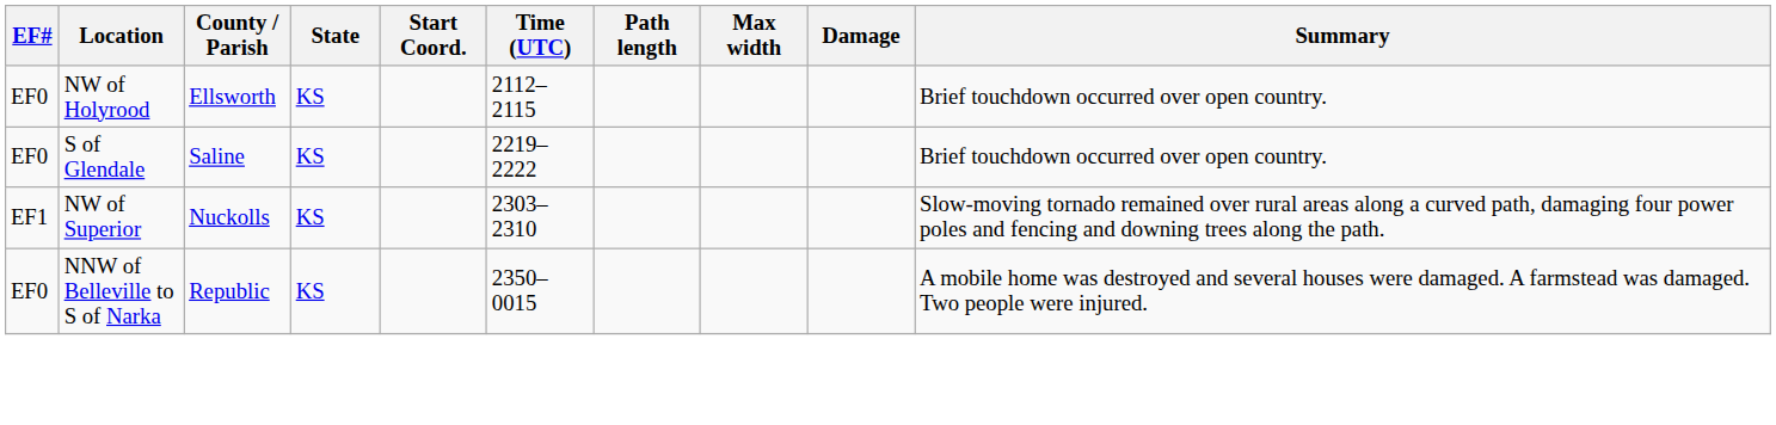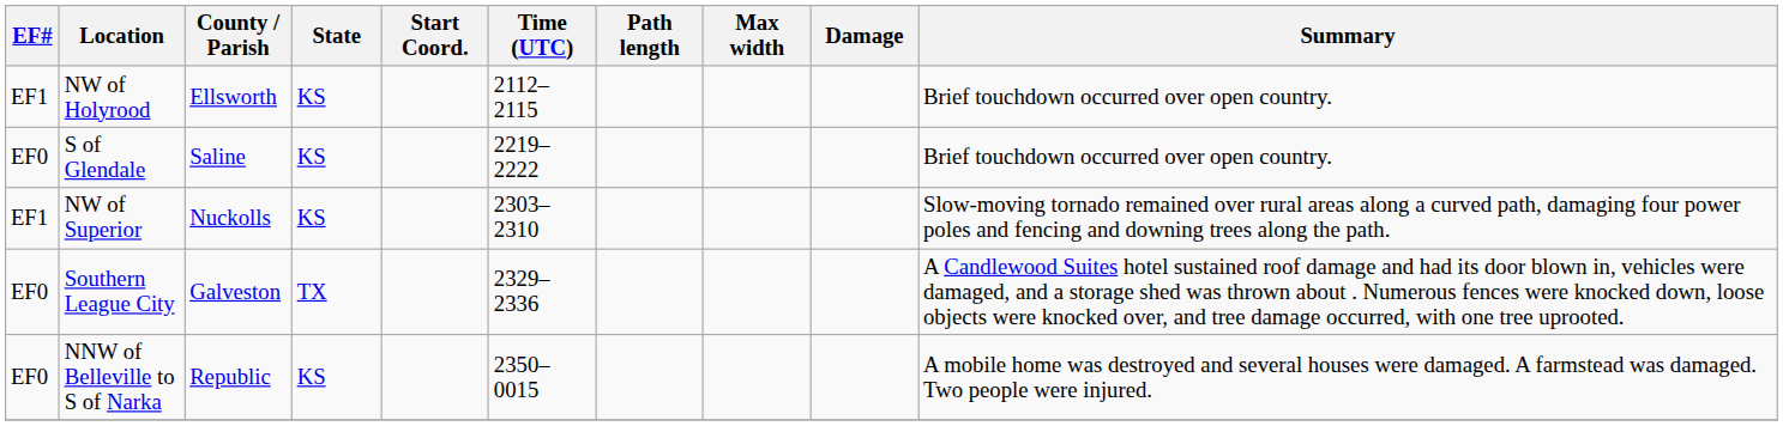 <table class="wikitable sortable" style="width:100%;">
 <tr>
 <th scope="col" width="3%" align="center"><a href='#'>EF#</a></th>
 <th scope="col" width="7%" align="center" class="unsortable">Location</th>
 <th scope="col" width="6%" align="center" class="unsortable">County / Parish</th>
 <th scope="col" width="5%" align="center">State</th>
 <th scope="col" width="6%" align="center">Start Coord.</th>
 <th scope="col" width="6%" align="center">Time (<a href='#'>UTC</a>)</th>
 <th scope="col" width="6%" align="center">Path length</th>
 <th scope="col" width="6%" align="center">Max width</th>
 <th scope="col" width="6%" align="center">Damage</th>
 <th scope="col" width="48%" class="unsortable" align="center">Summary</th>
 </tr>
 <tr>
-<td>EF0</td>
+<td>EF1</td>
 <td>NW of <a href='#'>Holyrood</a></td>
 <td><a href='#'>Ellsworth</a></td>
 <td><a href='#'>KS</a></td>
 <td></td>
 <td>2112–2115</td>
 <td></td>
 <td></td>
 <td></td>
 <td>Brief touchdown occurred over open country.</td>
 </tr>
 <tr>
 <td>EF0</td>
 <td>S of <a href='#'>Glendale</a></td>
 <td><a href='#'>Saline</a></td>
 <td><a href='#'>KS</a></td>
 <td></td>
 <td>2219–2222</td>
 <td></td>
 <td></td>
 <td></td>
 <td>Brief touchdown occurred over open country.</td>
 </tr>
 <tr>
 <td>EF1</td>
 <td>NW of <a href='#'>Superior</a></td>
 <td><a href='#'>Nuckolls</a></td>
 <td><a href='#'>KS</a></td>
 <td></td>
 <td>2303–2310</td>
 <td></td>
 <td></td>
 <td></td>
 <td>Slow-moving tornado remained over rural areas along a curved path, damaging four power poles and fencing and downing trees along the path.</td>
 </tr>
 <tr>
 <td>EF0</td>
+<td><a href='#'>Southern League City</a></td>
+<td><a href='#'>Galveston</a></td>
+<td><a href='#'>TX</a></td>
+<td></td>
+<td>2329–2336</td>
+<td></td>
+<td></td>
+<td></td>
+<td>A <a href='#'>Candlewood Suites</a> hotel sustained roof damage and had its door blown in, vehicles were damaged, and a storage shed was thrown about . Numerous fences were knocked down, loose objects were knocked over, and tree damage occurred, with one tree uprooted.</td>
+</tr>
+<tr>
+<td>EF0</td>
 <td>NNW of <a href='#'>Belleville</a> to S of <a href='#'>Narka</a></td>
 <td><a href='#'>Republic</a></td>
 <td><a href='#'>KS</a></td>
 <td></td>
 <td>2350–0015</td>
 <td></td>
 <td></td>
 <td></td>
 <td>A mobile home was destroyed and several houses were damaged. A farmstead was damaged. Two people were injured.</td>
 </tr>
 <tr>
 </tr>
 </table>
